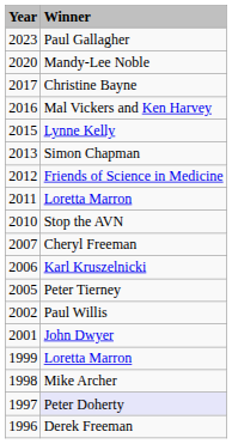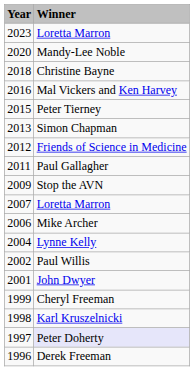 <table class="wikitable">
 <tr style="background:silver;">
 <td><strong>Year</strong></td>
 <td><strong>Winner</strong></td>
 </tr>
 <tr>
 <td>2023</td>
-<td>Paul Gallagher</td>
+<td><a href='#'>Loretta Marron</a></td>
 </tr>
 <tr>
 <td>2020</td>
 <td>Mandy-Lee Noble</td>
 </tr>
 <tr>
-<td>2017</td>
+<td>2018</td>
 <td>Christine Bayne</td>
 </tr>
 <tr>
 <td>2016</td>
 <td>Mal Vickers and <a href='#'>Ken Harvey</a></td>
 </tr>
 <tr>
 <td>2015</td>
-<td><a href='#'>Lynne Kelly</a></td>
+<td>Peter Tierney</td>
 </tr>
 <tr>
 <td>2013</td>
 <td>Simon Chapman</td>
 </tr>
 <tr>
 <td>2012</td>
 <td><a href='#'>Friends of Science in Medicine</a></td>
 </tr>
 <tr>
 <td>2011</td>
-<td><a href='#'>Loretta Marron</a></td>
+<td>Paul Gallagher</td>
 </tr>
 <tr>
-<td>2010</td>
+<td>2009</td>
 <td>Stop the AVN</td>
 </tr>
 <tr>
 <td>2007</td>
-<td>Cheryl Freeman</td>
+<td><a href='#'>Loretta Marron</a></td>
 </tr>
 <tr>
 <td>2006</td>
-<td><a href='#'>Karl Kruszelnicki</a></td>
+<td>Mike Archer</td>
 </tr>
 <tr>
-<td>2005</td>
-<td>Peter Tierney</td>
+<td>2004</td>
+<td><a href='#'>Lynne Kelly</a></td>
 </tr>
 <tr>
 <td>2002</td>
 <td>Paul Willis</td>
 </tr>
 <tr>
 <td>2001</td>
 <td><a href='#'>John Dwyer</a></td>
 </tr>
 <tr>
 <td>1999</td>
-<td><a href='#'>Loretta Marron</a></td>
+<td>Cheryl Freeman</td>
 </tr>
 <tr>
 <td>1998</td>
-<td>Mike Archer</td>
+<td><a href='#'>Karl Kruszelnicki</a></td>
 </tr>
 <tr>
 <td>1997</td>
 <td style="background: lavender;">Peter Doherty</td>
 </tr>
 <tr>
 <td>1996</td>
 <td>Derek Freeman</td>
 </tr>
 </table>
